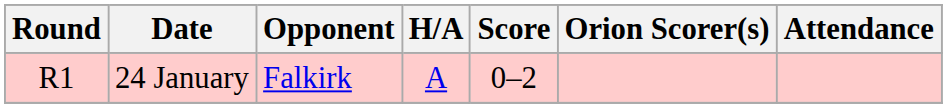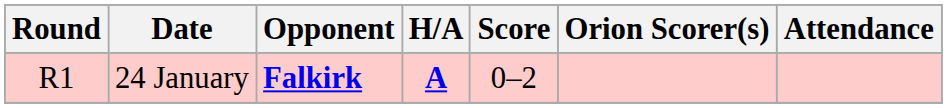 <table class="wikitable" style="text-align:center">
 <tr>
 <th>Round</th>
 <th>Date</th>
 <th>Opponent</th>
 <th>H/A</th>
 <th>Score</th>
 <th>Orion Scorer(s)</th>
 <th>Attendance</th>
 </tr>
 <tr bgcolor=#FFCCCC>
 <td>R1</td>
 <td align=left>24 January</td>
-<td align=left><a href='#'>Falkirk</a></td>
-<td><a href='#'>A</a></td>
+<td align=left><strong><a href='#'>Falkirk</a></strong></td>
+<td><strong><a href='#'>A</a></strong></td>
 <td>0–2</td>
 <td align=left></td>
 <td></td>
 </tr>
 <tr>
 </tr>
 </table>
